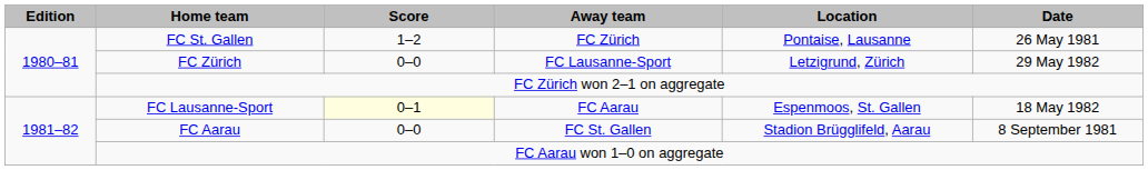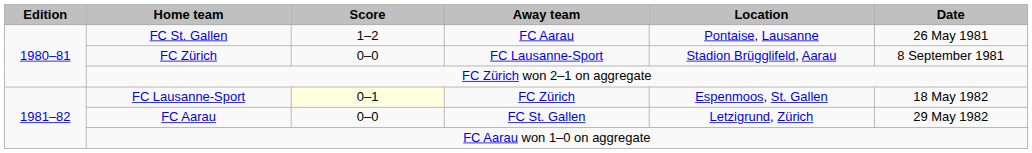 <table class="wikitable" width = 100% style="text-align:center;">
 <tr bgcolor="#c0c0c0">
 <td width="8%" align="center"><strong>Edition</strong></td>
 <td width="20%" align="center"><strong>Home team</strong></td>
 <td width="15%" align="center"><strong>Score</strong></td>
 <td width="20%" align="center"><strong>Away team</strong></td>
 <td width="22%" align="center"><strong>Location</strong></td>
 <td width="15%" align="center"><strong>Date</strong></td>
 </tr>
 <tr>
 <td rowspan="3"><a href='#'>1980–81</a></td>
 <td><a href='#'>FC St. Gallen</a></td>
 <td>1–2</td>
-<td><a href='#'>FC Zürich</a></td>
+<td><a href='#'>FC Aarau</a></td>
 <td><a href='#'>Pontaise</a>, <a href='#'>Lausanne</a></td>
 <td>26 May 1981</td>
 </tr>
 <tr>
 <td><a href='#'>FC Zürich</a></td>
 <td>0–0</td>
 <td><a href='#'>FC Lausanne-Sport</a></td>
-<td><a href='#'>Letzigrund</a>, <a href='#'>Zürich</a></td>
-<td>29 May 1982</td>
+<td><a href='#'>Stadion Brügglifeld</a>, <a href='#'>Aarau</a></td>
+<td>8 September 1981</td>
 </tr>
 <tr>
 <td colspan="5"><a href='#'>FC Zürich</a> won 2–1 on aggregate</td>
 </tr>
 <tr>
 <td rowspan="3"><a href='#'>1981–82</a></td>
 <td><a href='#'>FC Lausanne-Sport</a></td>
 <td style="background: lightyellow;">0–1</td>
-<td><a href='#'>FC Aarau</a></td>
+<td><a href='#'>FC Zürich</a></td>
 <td><a href='#'>Espenmoos</a>, <a href='#'>St. Gallen</a></td>
 <td>18 May 1982</td>
 </tr>
 <tr>
 <td><a href='#'>FC Aarau</a></td>
 <td>0–0</td>
 <td><a href='#'>FC St. Gallen</a></td>
-<td><a href='#'>Stadion Brügglifeld</a>, <a href='#'>Aarau</a></td>
-<td>8 September 1981</td>
+<td><a href='#'>Letzigrund</a>, <a href='#'>Zürich</a></td>
+<td>29 May 1982</td>
 </tr>
 <tr>
 <td colspan=5 align=center><a href='#'>FC Aarau</a> won 1–0 on aggregate</td>
 </tr>
 </table>
